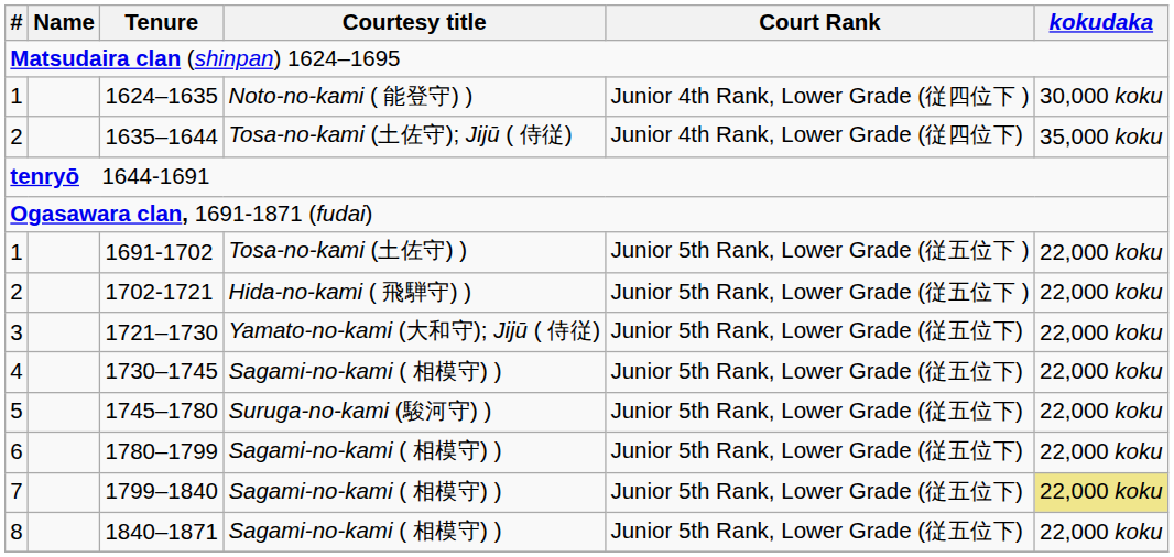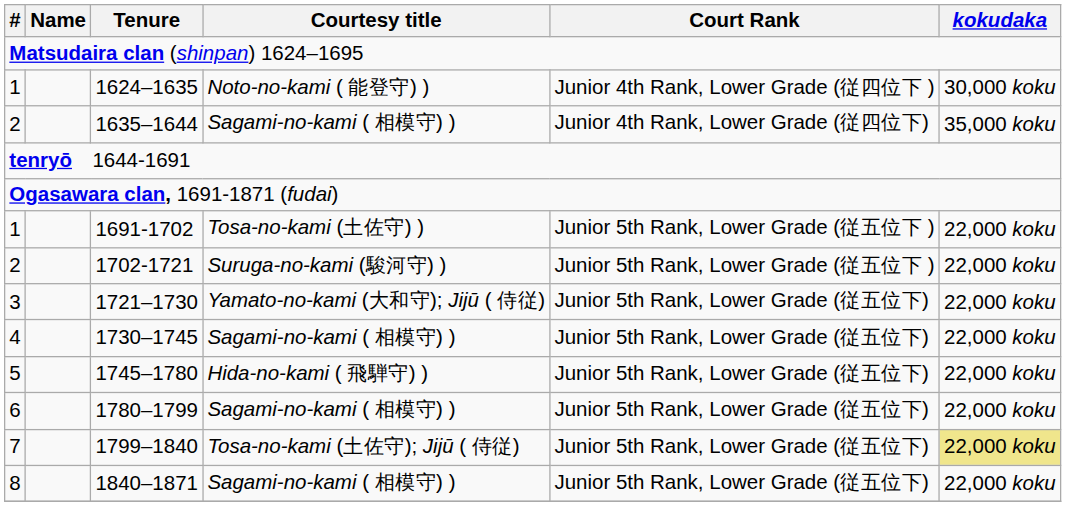 <table class=wikitable>
 <tr>
 <th>#</th>
 <th>Name</th>
 <th>Tenure</th>
 <th>Courtesy title</th>
 <th>Court Rank</th>
 <th><em><a href='#'>kokudaka</a></em></th>
 </tr>
 <tr>
 <td colspan=6> <strong><a href='#'>Matsudaira clan</a></strong> (<em><a href='#'>shinpan</a></em>) 1624–1695</td>
 </tr>
 <tr>
 <td>1</td>
 <td></td>
 <td>1624–1635</td>
 <td><em>Noto-no-kami</em> ( 能登守) )</td>
 <td>Junior 4th Rank, Lower Grade (従四位下 )</td>
 <td>30,000 <em>koku</em></td>
 </tr>
 <tr>
 <td>2</td>
 <td></td>
 <td>1635–1644</td>
-<td><em>Tosa-no-kami</em> (土佐守); <em>Jijū</em> ( 侍従)</td>
+<td><em>Sagami-no-kami</em> ( 相模守) )</td>
 <td>Junior 4th Rank, Lower Grade (従四位下)</td>
 <td>35,000 <em>koku</em></td>
 </tr>
 <tr>
 <td colspan=6> <strong><a href='#'>tenryō</a></strong>　1644-1691</td>
 </tr>
 <tr>
 <td colspan=6> <strong><a href='#'>Ogasawara clan</a>,</strong> 1691-1871 (<em>fudai</em>)</td>
 </tr>
 <tr>
 <td>1</td>
 <td></td>
 <td>1691-1702</td>
 <td><em>Tosa-no-kami</em> (土佐守) )</td>
 <td>Junior 5th Rank, Lower Grade (従五位下 )</td>
 <td>22,000 <em>koku</em></td>
 </tr>
 <tr>
 <td>2</td>
 <td></td>
 <td>1702-1721</td>
-<td><em>Hida-no-kami</em> ( 飛騨守) )</td>
+<td><em>Suruga-no-kami</em> (駿河守) )</td>
 <td>Junior 5th Rank, Lower Grade (従五位下 )</td>
 <td>22,000 <em>koku</em></td>
 </tr>
 <tr>
 <td>3</td>
 <td></td>
 <td>1721–1730</td>
 <td><em>Yamato-no-kami</em> (大和守); <em>Jijū</em> ( 侍従)</td>
 <td>Junior 5th Rank, Lower Grade (従五位下)</td>
 <td>22,000 <em>koku</em></td>
 </tr>
 <tr>
 <td>4</td>
 <td></td>
 <td>1730–1745</td>
 <td><em>Sagami-no-kami</em> ( 相模守) )</td>
 <td>Junior 5th Rank, Lower Grade (従五位下)</td>
 <td>22,000 <em>koku</em></td>
 </tr>
 <tr>
 <td>5</td>
 <td></td>
 <td>1745–1780</td>
-<td><em>Suruga-no-kami</em> (駿河守) )</td>
+<td><em>Hida-no-kami</em> ( 飛騨守) )</td>
 <td>Junior 5th Rank, Lower Grade (従五位下)</td>
 <td>22,000 <em>koku</em></td>
 </tr>
 <tr>
 <td>6</td>
 <td></td>
 <td>1780–1799</td>
 <td><em>Sagami-no-kami</em> ( 相模守) )</td>
 <td>Junior 5th Rank, Lower Grade (従五位下)</td>
 <td>22,000 <em>koku</em></td>
 </tr>
 <tr>
 <td>7</td>
 <td></td>
 <td>1799–1840</td>
-<td><em>Sagami-no-kami</em> ( 相模守) )</td>
+<td><em>Tosa-no-kami</em> (土佐守); <em>Jijū</em> ( 侍従)</td>
 <td>Junior 5th Rank, Lower Grade (従五位下)</td>
 <td style="background: khaki;">22,000 <em>koku</em></td>
 </tr>
 <tr>
 <td>8</td>
 <td></td>
 <td>1840–1871</td>
 <td><em>Sagami-no-kami</em> ( 相模守) )</td>
 <td>Junior 5th Rank, Lower Grade (従五位下)</td>
 <td>22,000 <em>koku</em></td>
 </tr>
 <tr>
 </tr>
 </table>
